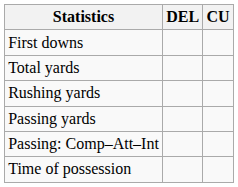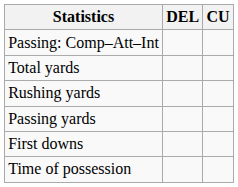 <table class="wikitable" style="float: left;">
 <tr>
 <th>Statistics</th>
 <th>DEL</th>
 <th>CU</th>
 </tr>
 <tr>
-<td>First downs</td>
+<td>Passing: Comp–Att–Int</td>
 <td></td>
 <td></td>
 </tr>
 <tr>
 <td>Total yards</td>
 <td></td>
 <td></td>
 </tr>
 <tr>
 <td>Rushing yards</td>
 <td></td>
 <td></td>
 </tr>
 <tr>
 <td>Passing yards</td>
 <td></td>
 <td></td>
 </tr>
 <tr>
-<td>Passing: Comp–Att–Int</td>
+<td>First downs</td>
 <td></td>
 <td></td>
 </tr>
 <tr>
 <td>Time of possession</td>
 <td></td>
 <td></td>
 </tr>
 <tr>
 </tr>
 </table>
